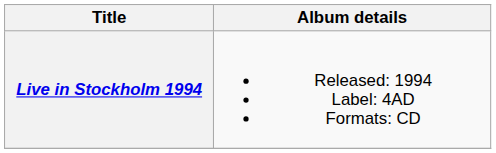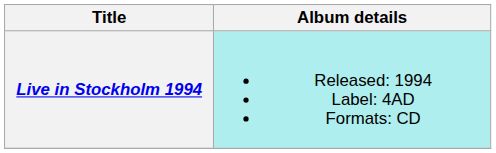 <table class="wikitable plainrowheaders" style="text-align:center;">
 <tr>
 <th scope="col" style="width:12em;">Title</th>
 <th scope="col" style="width:16em;">Album details</th>
 </tr>
 <tr>
 <th scope="row"><em><a href='#'>Live in Stockholm 1994</a></em></th>
-<td><br><ul><li>Released: 1994</li><li>Label: 4AD</li><li>Formats: CD</li></ul></td>
+<td style="background: paleturquoise;"><br><ul><li>Released: 1994</li><li>Label: 4AD</li><li>Formats: CD</li></ul></td>
 </tr>
 <tr>
 </tr>
 </table>
